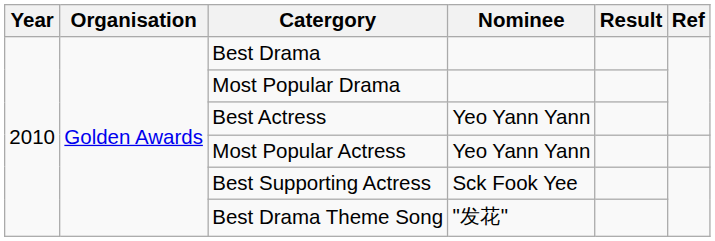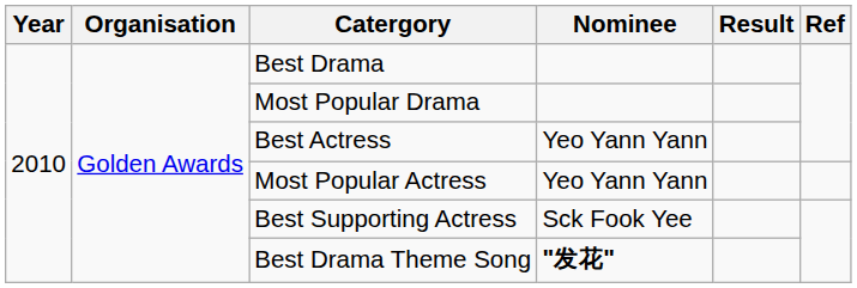 <table class="wikitable">
 <tr>
 <th>Year</th>
 <th>Organisation</th>
 <th>Catergory</th>
 <th>Nominee</th>
 <th>Result</th>
 <th>Ref</th>
 </tr>
 <tr>
 <td rowspan="6">2010</td>
 <td rowspan="6"><a href='#'>Golden Awards</a></td>
 <td>Best Drama</td>
 <td></td>
 <td></td>
 <td rowspan="3"></td>
 </tr>
 <tr>
 <td>Most Popular Drama</td>
 <td></td>
 <td></td>
 </tr>
 <tr>
 <td>Best Actress</td>
 <td>Yeo Yann Yann</td>
 <td></td>
 </tr>
 <tr>
 <td>Most Popular Actress</td>
 <td>Yeo Yann Yann</td>
 <td></td>
 <td></td>
 </tr>
 <tr>
 <td>Best Supporting Actress</td>
 <td>Sck Fook Yee</td>
 <td></td>
 <td rowspan="2"></td>
 </tr>
 <tr>
 <td>Best Drama Theme Song</td>
-<td>"发花"</td>
+<td><strong>"发花"</strong></td>
 <td></td>
 </tr>
 </table>
